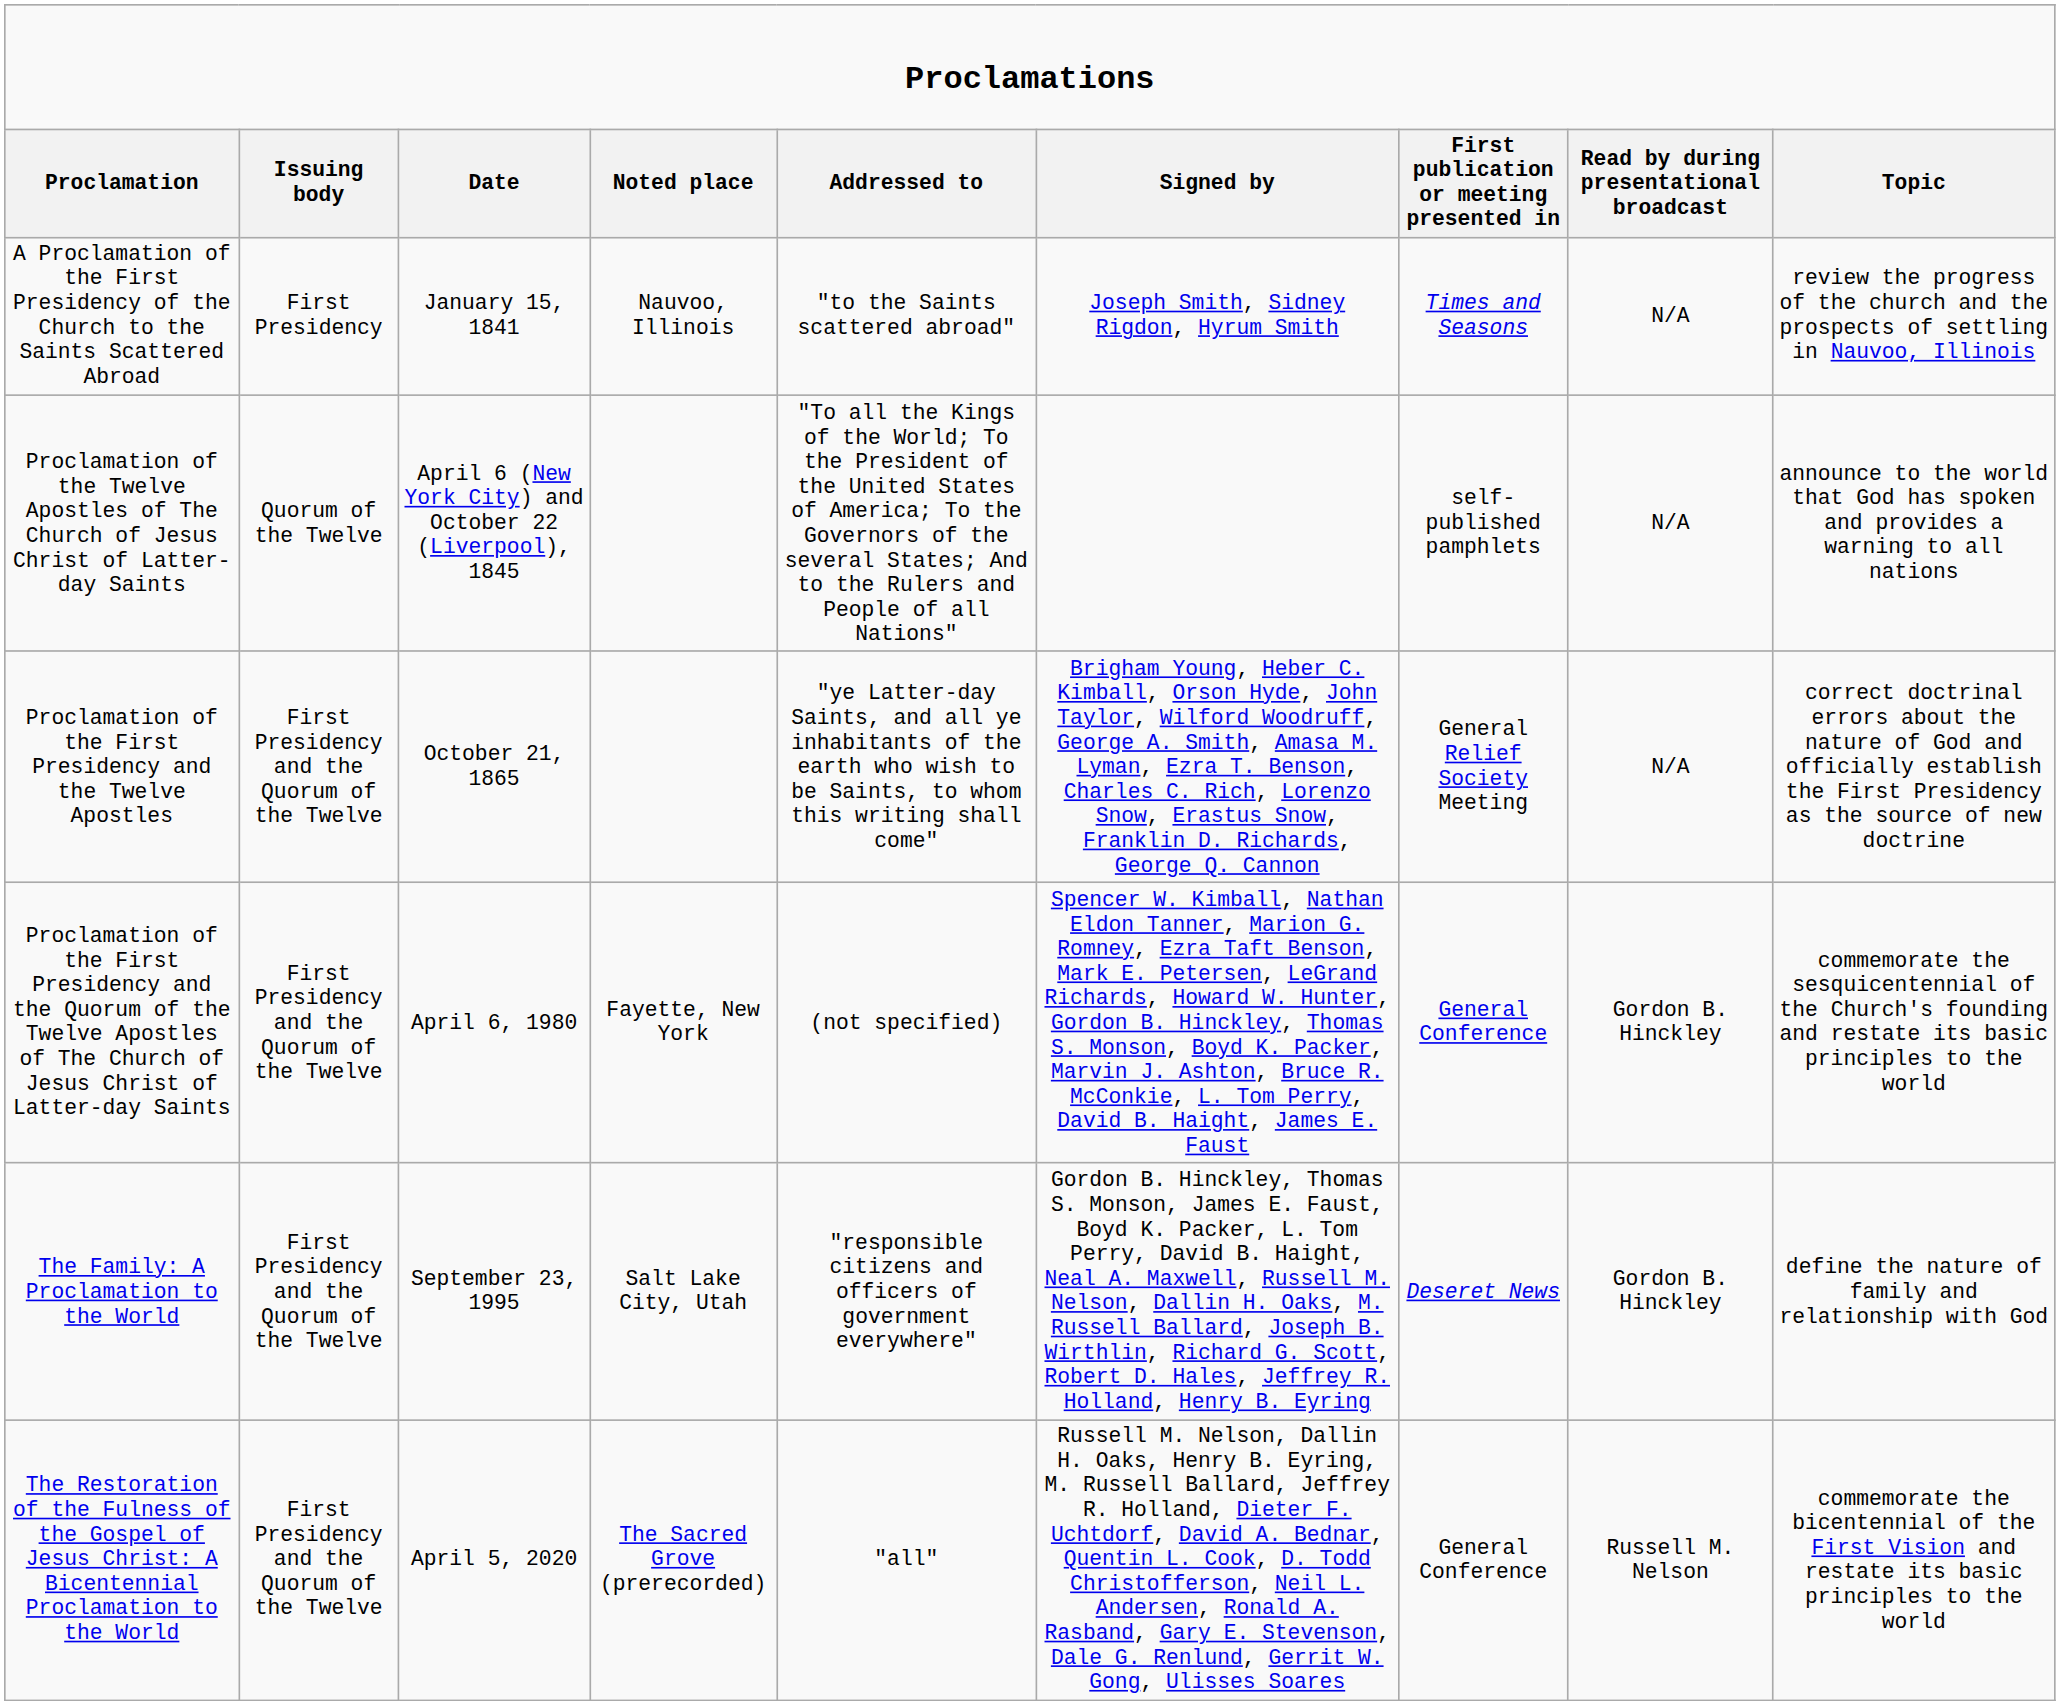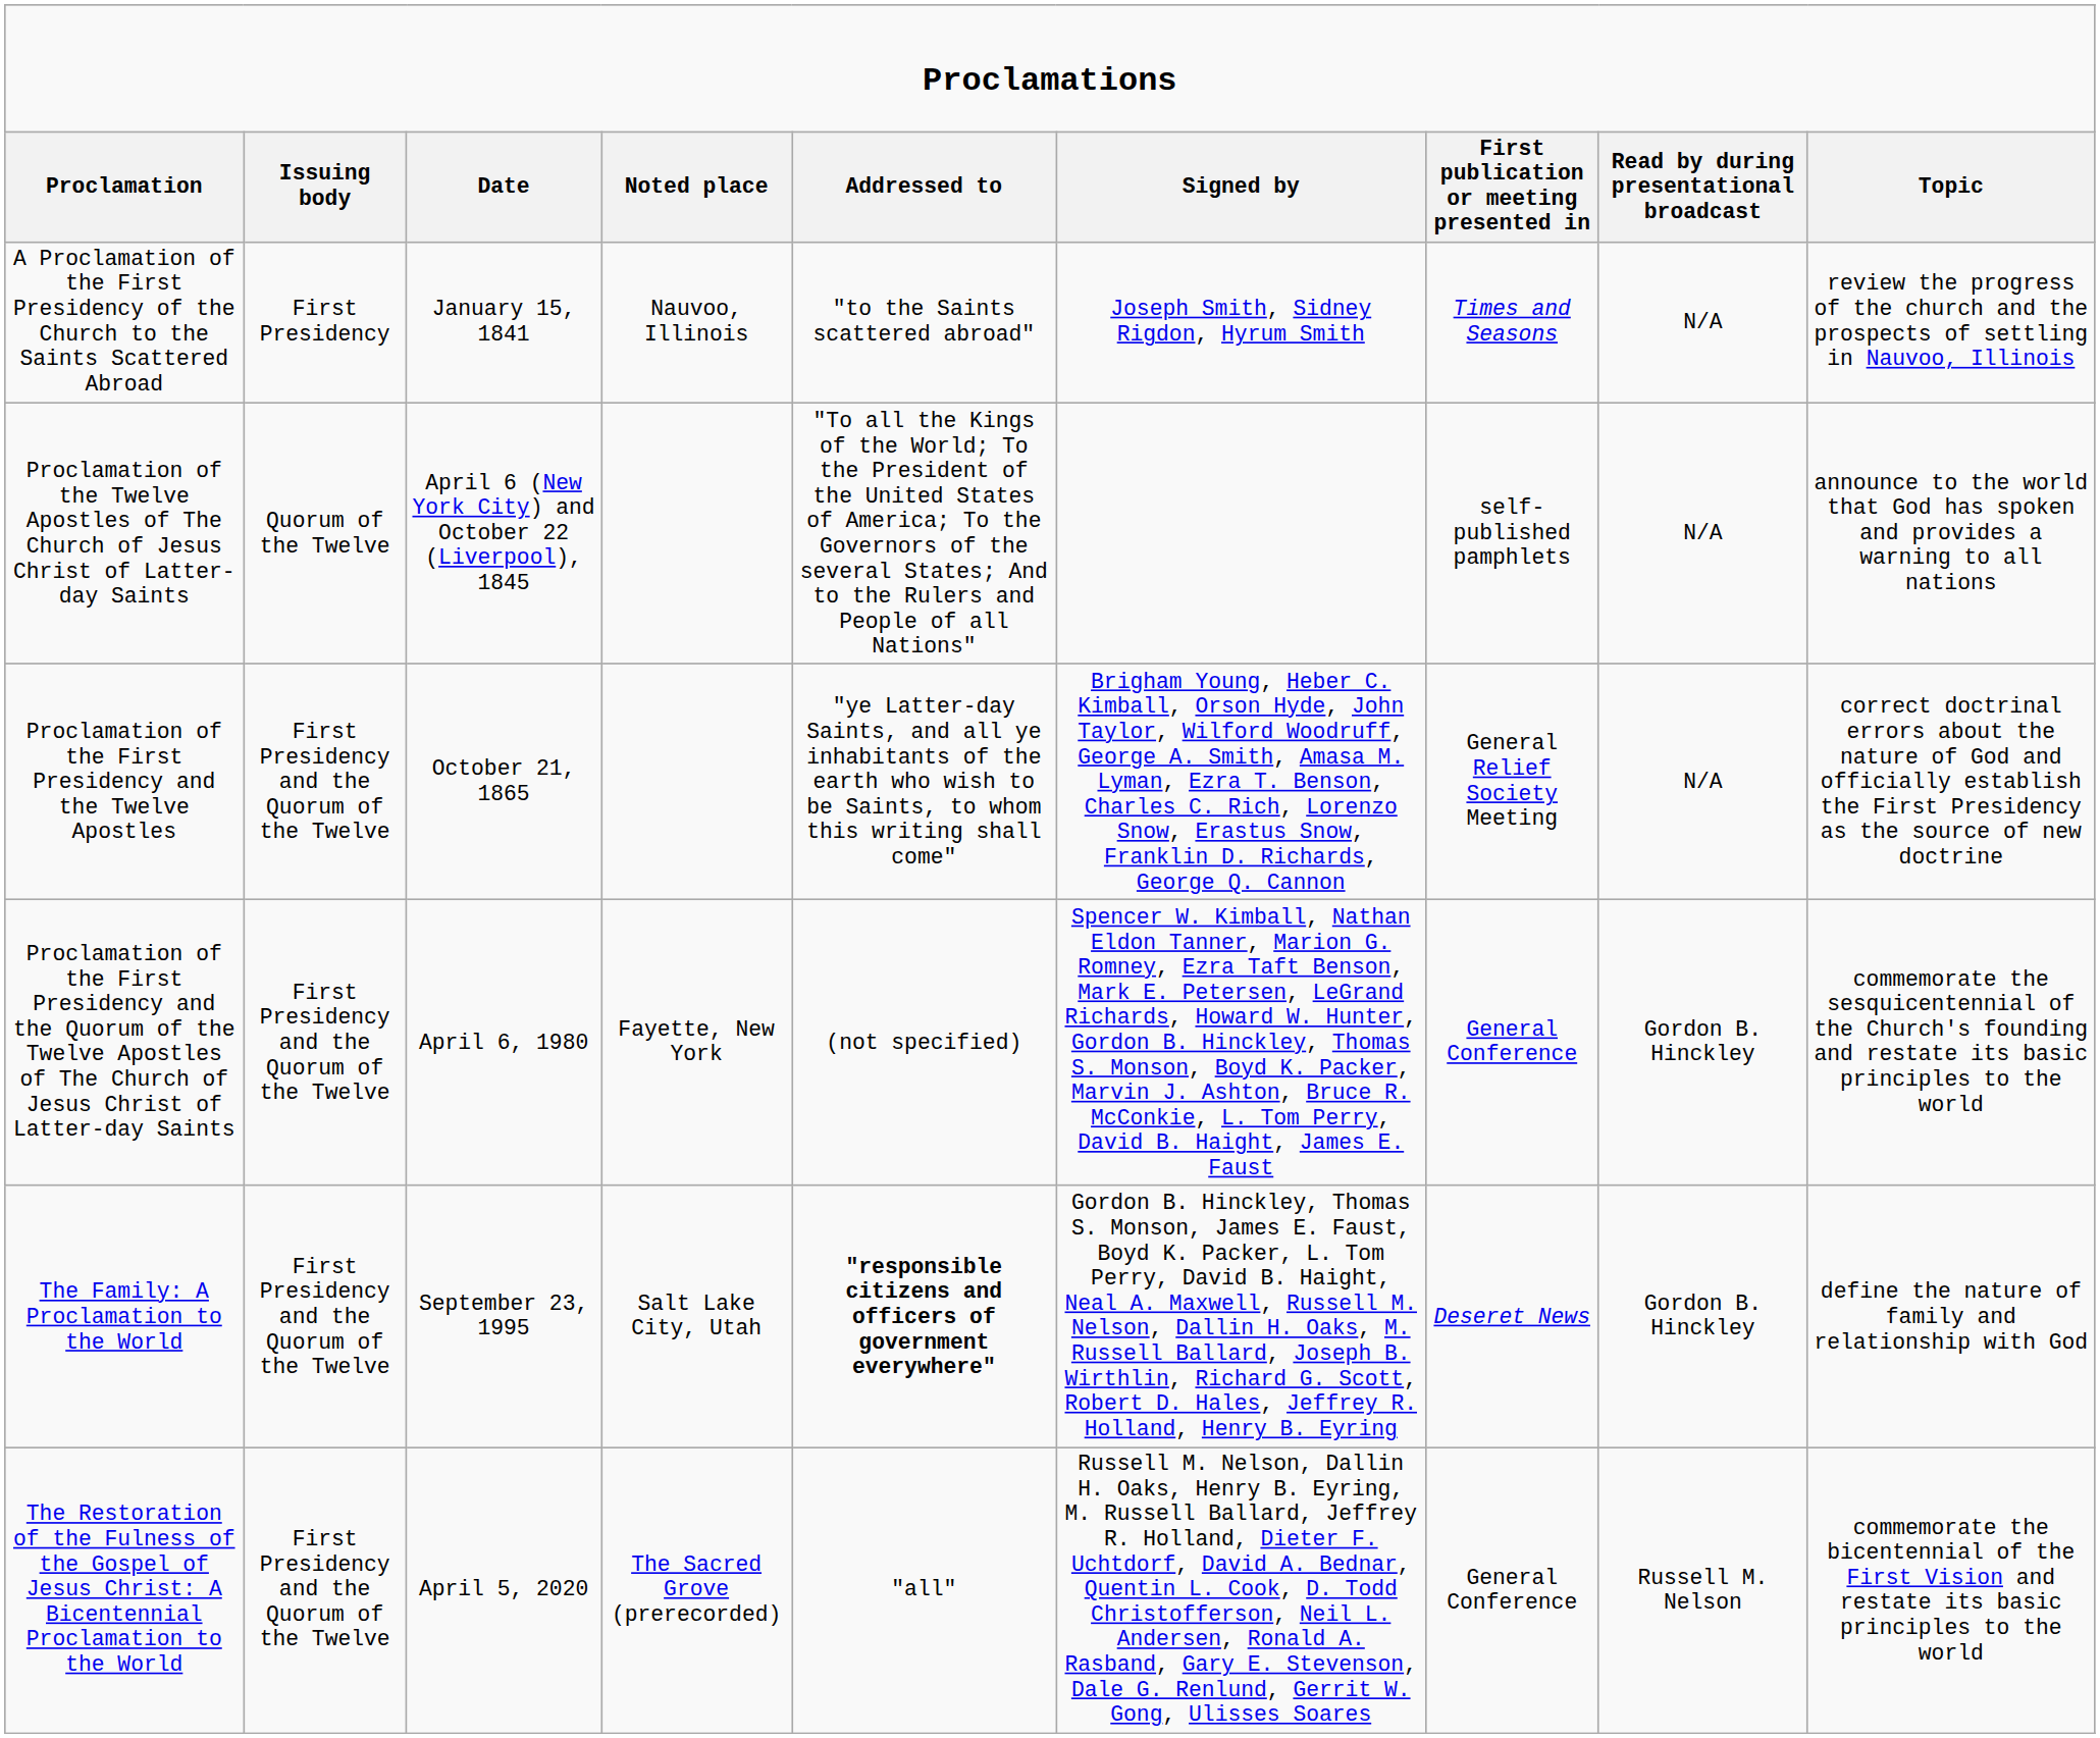 <table class="wikitable" style="text-align:center">
 <tr>
 <td colspan=9><br><h2>Proclamations</h2></td>
 </tr>
 <tr>
 <th>Proclamation</th>
 <th>Issuing body</th>
 <th>Date</th>
 <th>Noted place</th>
 <th>Addressed to</th>
 <th>Signed by</th>
 <th>First publication or meeting presented in</th>
 <th>Read by during presentational broadcast</th>
 <th>Topic</th>
 </tr>
 <tr>
 <td>A Proclamation of the First Presidency of the Church to the Saints Scattered Abroad</td>
 <td>First Presidency</td>
 <td>January 15, 1841</td>
 <td>Nauvoo, Illinois</td>
 <td>"to the Saints scattered abroad"</td>
 <td><a href='#'>Joseph Smith</a>, <a href='#'>Sidney Rigdon</a>, <a href='#'>Hyrum Smith</a></td>
 <td><em><a href='#'>Times and Seasons</a></em></td>
 <td>N/A</td>
 <td>review the progress of the church and the prospects of settling in <a href='#'>Nauvoo, Illinois</a></td>
 </tr>
 <tr>
 <td>Proclamation of the Twelve Apostles of The Church of Jesus Christ of Latter-day Saints</td>
 <td>Quorum of the Twelve</td>
 <td>April 6 (<a href='#'>New York City</a>) and October 22 (<a href='#'>Liverpool</a>), 1845</td>
 <td></td>
 <td>"To all the Kings of the World; To the President of the United States of America; To the Governors of the several States; And to the Rulers and People of all Nations"</td>
 <td></td>
 <td>self-published pamphlets</td>
 <td>N/A</td>
 <td>announce to the world that God has spoken and provides a warning to all nations</td>
 </tr>
 <tr>
 <td>Proclamation of the First Presidency and the Twelve Apostles</td>
 <td>First Presidency and the Quorum of the Twelve</td>
 <td>October 21, 1865</td>
 <td></td>
 <td>"ye Latter-day Saints, and all ye inhabitants of the earth who wish to be Saints, to whom this writing shall come"</td>
 <td><a href='#'>Brigham Young</a>, <a href='#'>Heber C. Kimball</a>, <a href='#'>Orson Hyde</a>, <a href='#'>John Taylor</a>, <a href='#'>Wilford Woodruff</a>, <a href='#'>George A. Smith</a>, <a href='#'>Amasa M. Lyman</a>, <a href='#'>Ezra T. Benson</a>, <a href='#'>Charles C. Rich</a>, <a href='#'>Lorenzo Snow</a>, <a href='#'>Erastus Snow</a>, <a href='#'>Franklin D. Richards</a>, <a href='#'>George Q. Cannon</a></td>
 <td>General <a href='#'>Relief Society</a> Meeting</td>
 <td>N/A</td>
 <td>correct doctrinal errors about the nature of God and officially establish the First Presidency as the source of new doctrine</td>
 </tr>
 <tr>
 <td>Proclamation of the First Presidency and the Quorum of the Twelve Apostles of The Church of Jesus Christ of Latter-day Saints</td>
 <td>First Presidency and the Quorum of the Twelve</td>
 <td>April 6, 1980</td>
 <td>Fayette, New York</td>
 <td>(not specified)</td>
 <td><a href='#'>Spencer W. Kimball</a>, <a href='#'>Nathan Eldon Tanner</a>, <a href='#'>Marion G. Romney</a>, <a href='#'>Ezra Taft Benson</a>, <a href='#'>Mark E. Petersen</a>, <a href='#'>LeGrand Richards</a>, <a href='#'>Howard W. Hunter</a>, <a href='#'>Gordon B. Hinckley</a>, <a href='#'>Thomas S. Monson</a>, <a href='#'>Boyd K. Packer</a>, <a href='#'>Marvin J. Ashton</a>, <a href='#'>Bruce R. McConkie</a>, <a href='#'>L. Tom Perry</a>, <a href='#'>David B. Haight</a>, <a href='#'>James E. Faust</a></td>
 <td><a href='#'>General Conference</a></td>
 <td>Gordon B. Hinckley</td>
 <td>commemorate the sesquicentennial of the Church's founding and restate its basic principles to the world</td>
 </tr>
 <tr>
 <td><a href='#'>The Family: A Proclamation to the World</a></td>
 <td>First Presidency and the Quorum of the Twelve</td>
 <td>September 23, 1995</td>
 <td>Salt Lake City, Utah</td>
-<td>"responsible citizens and officers of government everywhere"</td>
+<td><strong>"responsible citizens and officers of government everywhere"</strong></td>
 <td>Gordon B. Hinckley, Thomas S. Monson, James E. Faust, Boyd K. Packer, L. Tom Perry, David B. Haight, <a href='#'>Neal A. Maxwell</a>, <a href='#'>Russell M. Nelson</a>, <a href='#'>Dallin H. Oaks</a>, <a href='#'>M. Russell Ballard</a>, <a href='#'>Joseph B. Wirthlin</a>, <a href='#'>Richard G. Scott</a>, <a href='#'>Robert D. Hales</a>, <a href='#'>Jeffrey R. Holland</a>, <a href='#'>Henry B. Eyring</a></td>
 <td><em><a href='#'>Deseret News</a></em></td>
 <td>Gordon B. Hinckley</td>
 <td>define the nature of family and relationship with God</td>
 </tr>
 <tr>
 <td><a href='#'>The Restoration of the Fulness of the Gospel of Jesus Christ: A Bicentennial Proclamation to the World</a></td>
 <td>First Presidency and the Quorum of the Twelve</td>
 <td>April 5, 2020</td>
 <td><a href='#'>The Sacred Grove</a> (prerecorded)</td>
 <td>"all"</td>
 <td>Russell M. Nelson, Dallin H. Oaks, Henry B. Eyring, M. Russell Ballard, Jeffrey R. Holland, <a href='#'>Dieter F. Uchtdorf</a>, <a href='#'>David A. Bednar</a>, <a href='#'>Quentin L. Cook</a>, <a href='#'>D. Todd Christofferson</a>, <a href='#'>Neil L. Andersen</a>, <a href='#'>Ronald A. Rasband</a>, <a href='#'>Gary E. Stevenson</a>, <a href='#'>Dale G. Renlund</a>, <a href='#'>Gerrit W. Gong</a>, <a href='#'>Ulisses Soares</a></td>
 <td>General Conference</td>
 <td>Russell M. Nelson</td>
 <td>commemorate the bicentennial of the <a href='#'>First Vision</a> and restate its basic principles to the world</td>
 </tr>
 <tr>
 </tr>
 </table>
